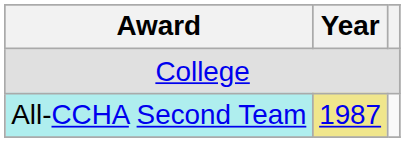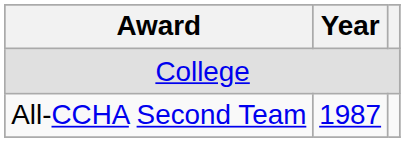 <table class="wikitable">
 <tr>
 <th>Award</th>
 <th>Year</th>
 <th></th>
 </tr>
 <tr ALIGN="center" bgcolor="#e0e0e0">
 <td colspan="3"><a href='#'>College</a></td>
 </tr>
 <tr>
-<td style="background: paleturquoise;">All-<a href='#'>CCHA</a> <a href='#'>Second Team</a></td>
-<td style="background: khaki;"><a href='#'>1987</a></td>
+<td>All-<a href='#'>CCHA</a> <a href='#'>Second Team</a></td>
+<td><a href='#'>1987</a></td>
 <td></td>
 </tr>
 </table>
